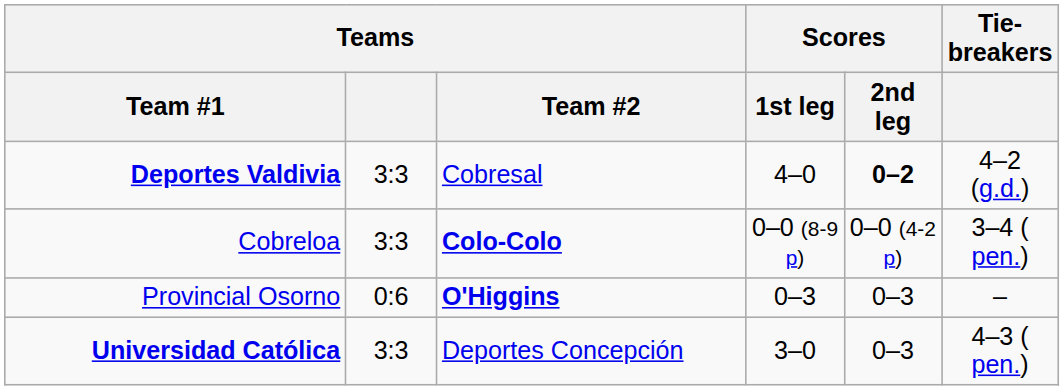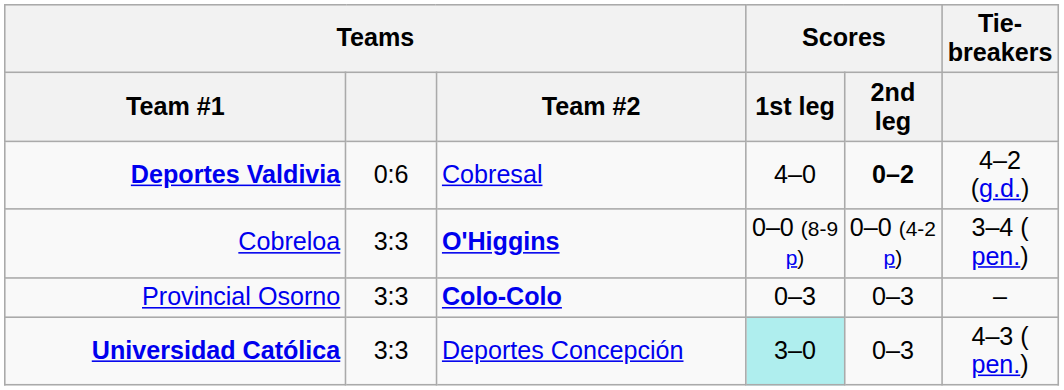 <table class="wikitable" style="text-align: center;">
 <tr>
 <th colspan=3>Teams</th>
 <th colspan=2>Scores</th>
 <th colspan=3>Tie-breakers</th>
 </tr>
 <tr>
 <th width="210">Team #1</th>
 <th width="50"></th>
 <th width="190">Team #2</th>
 <th width="55">1st leg</th>
 <th width="55">2nd leg</th>
 <th width="50"></th>
 </tr>
 <tr>
 <td align=right><strong><a href='#'>Deportes Valdivia</a></strong></td>
-<td>3:3</td>
+<td>0:6</td>
 <td align=left><a href='#'>Cobresal</a></td>
 <td>4–0</td>
 <td><strong>0–2</strong></td>
 <td>4–2 (<a href='#'>g.d.</a>)</td>
 </tr>
 <tr>
 <td align=right><a href='#'>Cobreloa</a></td>
 <td>3:3</td>
-<td align=left><strong><a href='#'>Colo-Colo</a></strong></td>
+<td align=left><strong><a href='#'>O'Higgins</a></strong></td>
 <td>0–0 <small>(8-9<a href='#'> p</a>)</small></td>
 <td>0–0 <small>(4-2<a href='#'> p</a>)</small></td>
 <td>3–4 (<a href='#'> pen.</a>)</td>
 </tr>
 <tr>
 <td align=right><a href='#'>Provincial Osorno</a></td>
-<td>0:6</td>
-<td align=left><strong><a href='#'>O'Higgins</a></strong></td>
+<td>3:3</td>
+<td align=left><strong><a href='#'>Colo-Colo</a></strong></td>
 <td>0–3</td>
 <td>0–3</td>
 <td>–</td>
 </tr>
 <tr>
 <td align=right><strong><a href='#'>Universidad Católica</a></strong></td>
 <td>3:3</td>
 <td align=left><a href='#'>Deportes Concepción</a></td>
-<td>3–0</td>
+<td style="background: paleturquoise;">3–0</td>
 <td>0–3</td>
 <td>4–3 (<a href='#'> pen.</a>)</td>
 </tr>
 </table>
